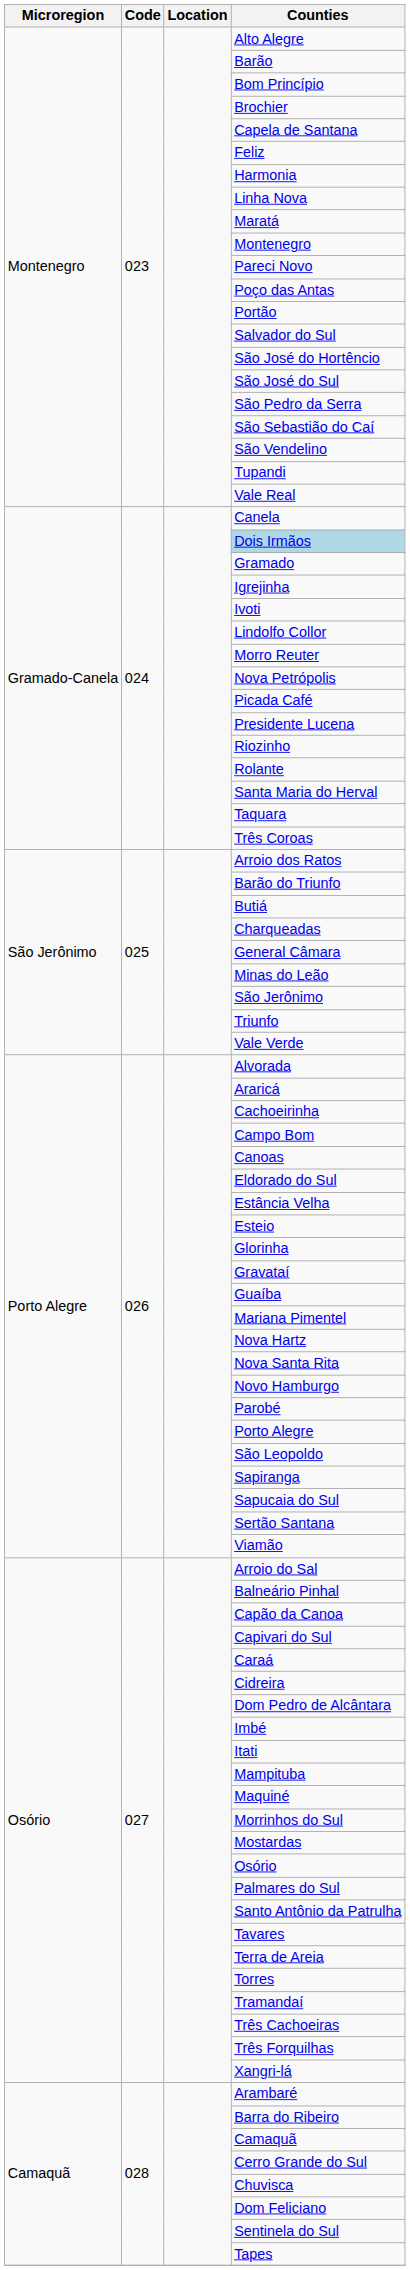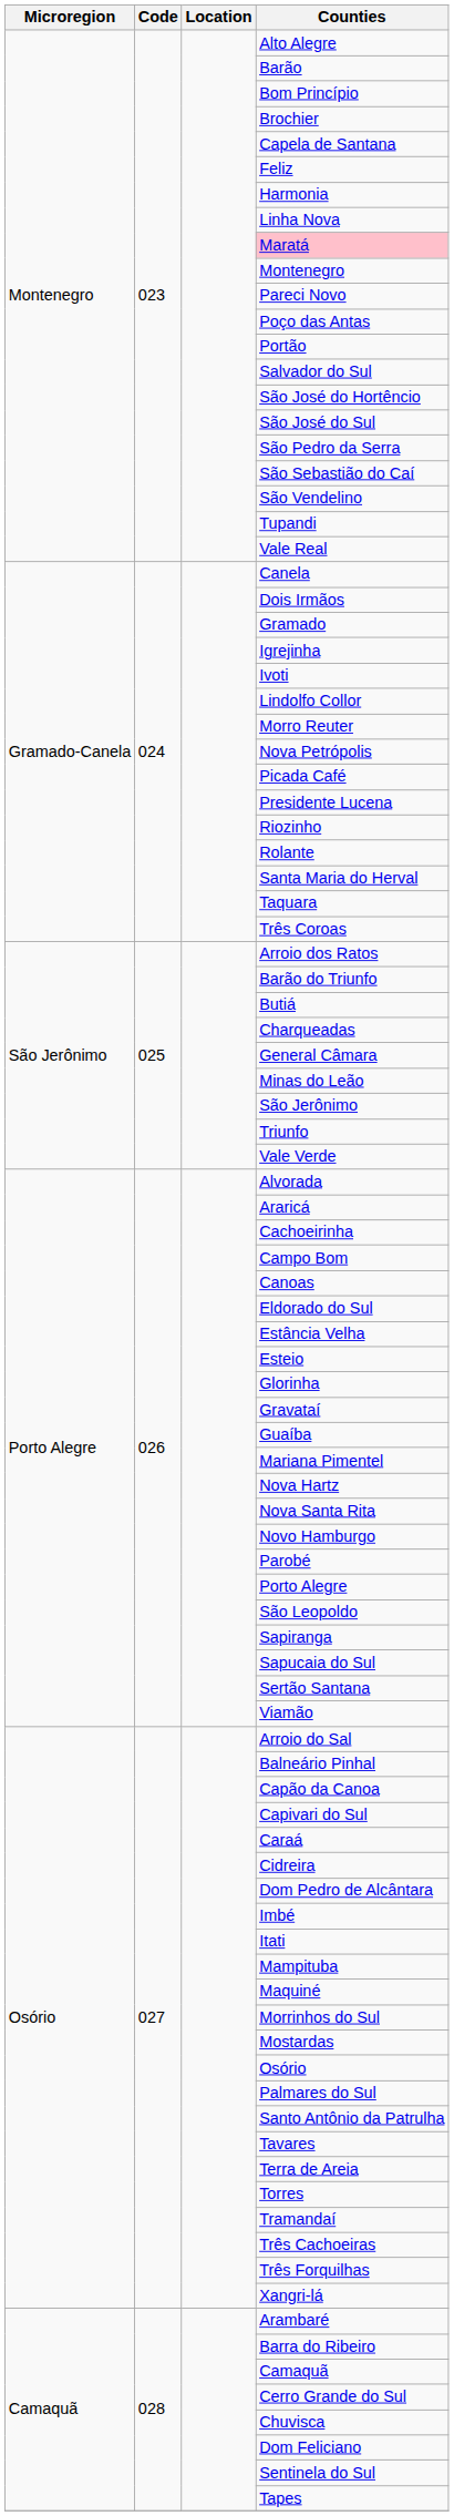 <table class="wikitable sortable">
 <tr>
 <th>Microregion</th>
 <th>Code</th>
 <th>Location</th>
 <th>Counties</th>
 </tr>
 <tr>
 <td rowspan="21">Montenegro</td>
 <td rowspan="21">023</td>
 <td rowspan="21"></td>
 <td><a href='#'>Alto Alegre</a></td>
 </tr>
 <tr>
 <td><a href='#'>Barão</a></td>
 </tr>
 <tr>
 <td><a href='#'>Bom Princípio</a></td>
 </tr>
 <tr>
 <td><a href='#'>Brochier</a></td>
 </tr>
 <tr>
 <td><a href='#'>Capela de Santana</a></td>
 </tr>
 <tr>
 <td><a href='#'>Feliz</a></td>
 </tr>
 <tr>
 <td><a href='#'>Harmonia</a></td>
 </tr>
 <tr>
 <td><a href='#'>Linha Nova</a></td>
 </tr>
 <tr>
-<td><a href='#'>Maratá</a></td>
+<td style="background: pink;"><a href='#'>Maratá</a></td>
 </tr>
 <tr>
 <td><a href='#'>Montenegro</a></td>
 </tr>
 <tr>
 <td><a href='#'>Pareci Novo</a></td>
 </tr>
 <tr>
 <td><a href='#'>Poço das Antas</a></td>
 </tr>
 <tr>
 <td><a href='#'>Portão</a></td>
 </tr>
 <tr>
 <td><a href='#'>Salvador do Sul</a></td>
 </tr>
 <tr>
 <td><a href='#'>São José do Hortêncio</a></td>
 </tr>
 <tr>
 <td><a href='#'>São José do Sul</a></td>
 </tr>
 <tr>
 <td><a href='#'>São Pedro da Serra</a></td>
 </tr>
 <tr>
 <td><a href='#'>São Sebastião do Caí</a></td>
 </tr>
 <tr>
 <td><a href='#'>São Vendelino</a></td>
 </tr>
 <tr>
 <td><a href='#'>Tupandi</a></td>
 </tr>
 <tr>
 <td><a href='#'>Vale Real</a></td>
 </tr>
 <tr>
 <td rowspan="15">Gramado-Canela</td>
 <td rowspan="15">024</td>
 <td rowspan="15"></td>
 <td><a href='#'>Canela</a></td>
 </tr>
 <tr>
-<td style="background: lightblue;"><a href='#'>Dois Irmãos</a></td>
+<td><a href='#'>Dois Irmãos</a></td>
 </tr>
 <tr>
 <td><a href='#'>Gramado</a></td>
 </tr>
 <tr>
 <td><a href='#'>Igrejinha</a></td>
 </tr>
 <tr>
 <td><a href='#'>Ivoti</a></td>
 </tr>
 <tr>
 <td><a href='#'>Lindolfo Collor</a></td>
 </tr>
 <tr>
 <td><a href='#'>Morro Reuter</a></td>
 </tr>
 <tr>
 <td><a href='#'>Nova Petrópolis</a></td>
 </tr>
 <tr>
 <td><a href='#'>Picada Café</a></td>
 </tr>
 <tr>
 <td><a href='#'>Presidente Lucena</a></td>
 </tr>
 <tr>
 <td><a href='#'>Riozinho</a></td>
 </tr>
 <tr>
 <td><a href='#'>Rolante</a></td>
 </tr>
 <tr>
 <td><a href='#'>Santa Maria do Herval</a></td>
 </tr>
 <tr>
 <td><a href='#'>Taquara</a></td>
 </tr>
 <tr>
 <td><a href='#'>Três Coroas</a></td>
 </tr>
 <tr>
 <td rowspan="9">São Jerônimo</td>
 <td rowspan="9">025</td>
 <td rowspan="9"></td>
 <td><a href='#'>Arroio dos Ratos</a></td>
 </tr>
 <tr>
 <td><a href='#'>Barão do Triunfo</a></td>
 </tr>
 <tr>
 <td><a href='#'>Butiá</a></td>
 </tr>
 <tr>
 <td><a href='#'>Charqueadas</a></td>
 </tr>
 <tr>
 <td><a href='#'>General Câmara</a></td>
 </tr>
 <tr>
 <td><a href='#'>Minas do Leão</a></td>
 </tr>
 <tr>
 <td><a href='#'>São Jerônimo</a></td>
 </tr>
 <tr>
 <td><a href='#'>Triunfo</a></td>
 </tr>
 <tr>
 <td><a href='#'>Vale Verde</a></td>
 </tr>
 <tr>
 <td rowspan="22">Porto Alegre</td>
 <td rowspan="22">026</td>
 <td rowspan="22"></td>
 <td><a href='#'>Alvorada</a></td>
 </tr>
 <tr>
 <td><a href='#'>Araricá</a></td>
 </tr>
 <tr>
 <td><a href='#'>Cachoeirinha</a></td>
 </tr>
 <tr>
 <td><a href='#'>Campo Bom</a></td>
 </tr>
 <tr>
 <td><a href='#'>Canoas</a></td>
 </tr>
 <tr>
 <td><a href='#'>Eldorado do Sul</a></td>
 </tr>
 <tr>
 <td><a href='#'>Estância Velha</a></td>
 </tr>
 <tr>
 <td><a href='#'>Esteio</a></td>
 </tr>
 <tr>
 <td><a href='#'>Glorinha</a></td>
 </tr>
 <tr>
 <td><a href='#'>Gravataí</a></td>
 </tr>
 <tr>
 <td><a href='#'>Guaíba</a></td>
 </tr>
 <tr>
 <td><a href='#'>Mariana Pimentel</a></td>
 </tr>
 <tr>
 <td><a href='#'>Nova Hartz</a></td>
 </tr>
 <tr>
 <td><a href='#'>Nova Santa Rita</a></td>
 </tr>
 <tr>
 <td><a href='#'>Novo Hamburgo</a></td>
 </tr>
 <tr>
 <td><a href='#'>Parobé</a></td>
 </tr>
 <tr>
 <td><a href='#'>Porto Alegre</a></td>
 </tr>
 <tr>
 <td><a href='#'>São Leopoldo</a></td>
 </tr>
 <tr>
 <td><a href='#'>Sapiranga</a></td>
 </tr>
 <tr>
 <td><a href='#'>Sapucaia do Sul</a></td>
 </tr>
 <tr>
 <td><a href='#'>Sertão Santana</a></td>
 </tr>
 <tr>
 <td><a href='#'>Viamão</a></td>
 </tr>
 <tr>
 <td rowspan="23">Osório</td>
 <td rowspan="23">027</td>
 <td rowspan="23"></td>
 <td><a href='#'>Arroio do Sal</a></td>
 </tr>
 <tr>
 <td><a href='#'>Balneário Pinhal</a></td>
 </tr>
 <tr>
 <td><a href='#'>Capão da Canoa</a></td>
 </tr>
 <tr>
 <td><a href='#'>Capivari do Sul</a></td>
 </tr>
 <tr>
 <td><a href='#'>Caraá</a></td>
 </tr>
 <tr>
 <td><a href='#'>Cidreira</a></td>
 </tr>
 <tr>
 <td><a href='#'>Dom Pedro de Alcântara</a></td>
 </tr>
 <tr>
 <td><a href='#'>Imbé</a></td>
 </tr>
 <tr>
 <td><a href='#'>Itati</a></td>
 </tr>
 <tr>
 <td><a href='#'>Mampituba</a></td>
 </tr>
 <tr>
 <td><a href='#'>Maquiné</a></td>
 </tr>
 <tr>
 <td><a href='#'>Morrinhos do Sul</a></td>
 </tr>
 <tr>
 <td><a href='#'>Mostardas</a></td>
 </tr>
 <tr>
 <td><a href='#'>Osório</a></td>
 </tr>
 <tr>
 <td><a href='#'>Palmares do Sul</a></td>
 </tr>
 <tr>
 <td><a href='#'>Santo Antônio da Patrulha</a></td>
 </tr>
 <tr>
 <td><a href='#'>Tavares</a></td>
 </tr>
 <tr>
 <td><a href='#'>Terra de Areia</a></td>
 </tr>
 <tr>
 <td><a href='#'>Torres</a></td>
 </tr>
 <tr>
 <td><a href='#'>Tramandaí</a></td>
 </tr>
 <tr>
 <td><a href='#'>Três Cachoeiras</a></td>
 </tr>
 <tr>
 <td><a href='#'>Três Forquilhas</a></td>
 </tr>
 <tr>
 <td><a href='#'>Xangri-lá</a></td>
 </tr>
 <tr>
 <td rowspan="8">Camaquã</td>
 <td rowspan="8">028</td>
 <td rowspan="8"></td>
 <td><a href='#'>Arambaré</a></td>
 </tr>
 <tr>
 <td><a href='#'>Barra do Ribeiro</a></td>
 </tr>
 <tr>
 <td><a href='#'>Camaquã</a></td>
 </tr>
 <tr>
 <td><a href='#'>Cerro Grande do Sul</a></td>
 </tr>
 <tr>
 <td><a href='#'>Chuvisca</a></td>
 </tr>
 <tr>
 <td><a href='#'>Dom Feliciano</a></td>
 </tr>
 <tr>
 <td><a href='#'>Sentinela do Sul</a></td>
 </tr>
 <tr>
 <td><a href='#'>Tapes</a></td>
 </tr>
 <tr>
 </tr>
 </table>
